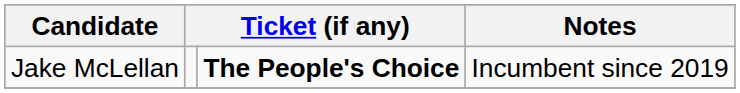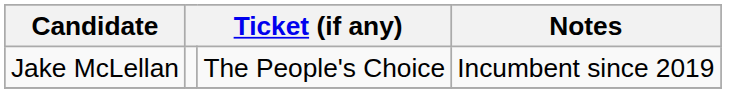 <table class="wikitable" style="font-size: 95%">
 <tr>
 <th>Candidate</th>
 <th colspan="2"><a href='#'>Ticket</a> (if any)</th>
 <th>Notes</th>
 </tr>
 <tr>
 <td>Jake McLellan</td>
 <td style="background-color:"></td>
-<td><strong>The People's Choice</strong></td>
+<td>The People's Choice</td>
 <td>Incumbent since 2019</td>
 </tr>
 <tr>
 </tr>
 </table>
